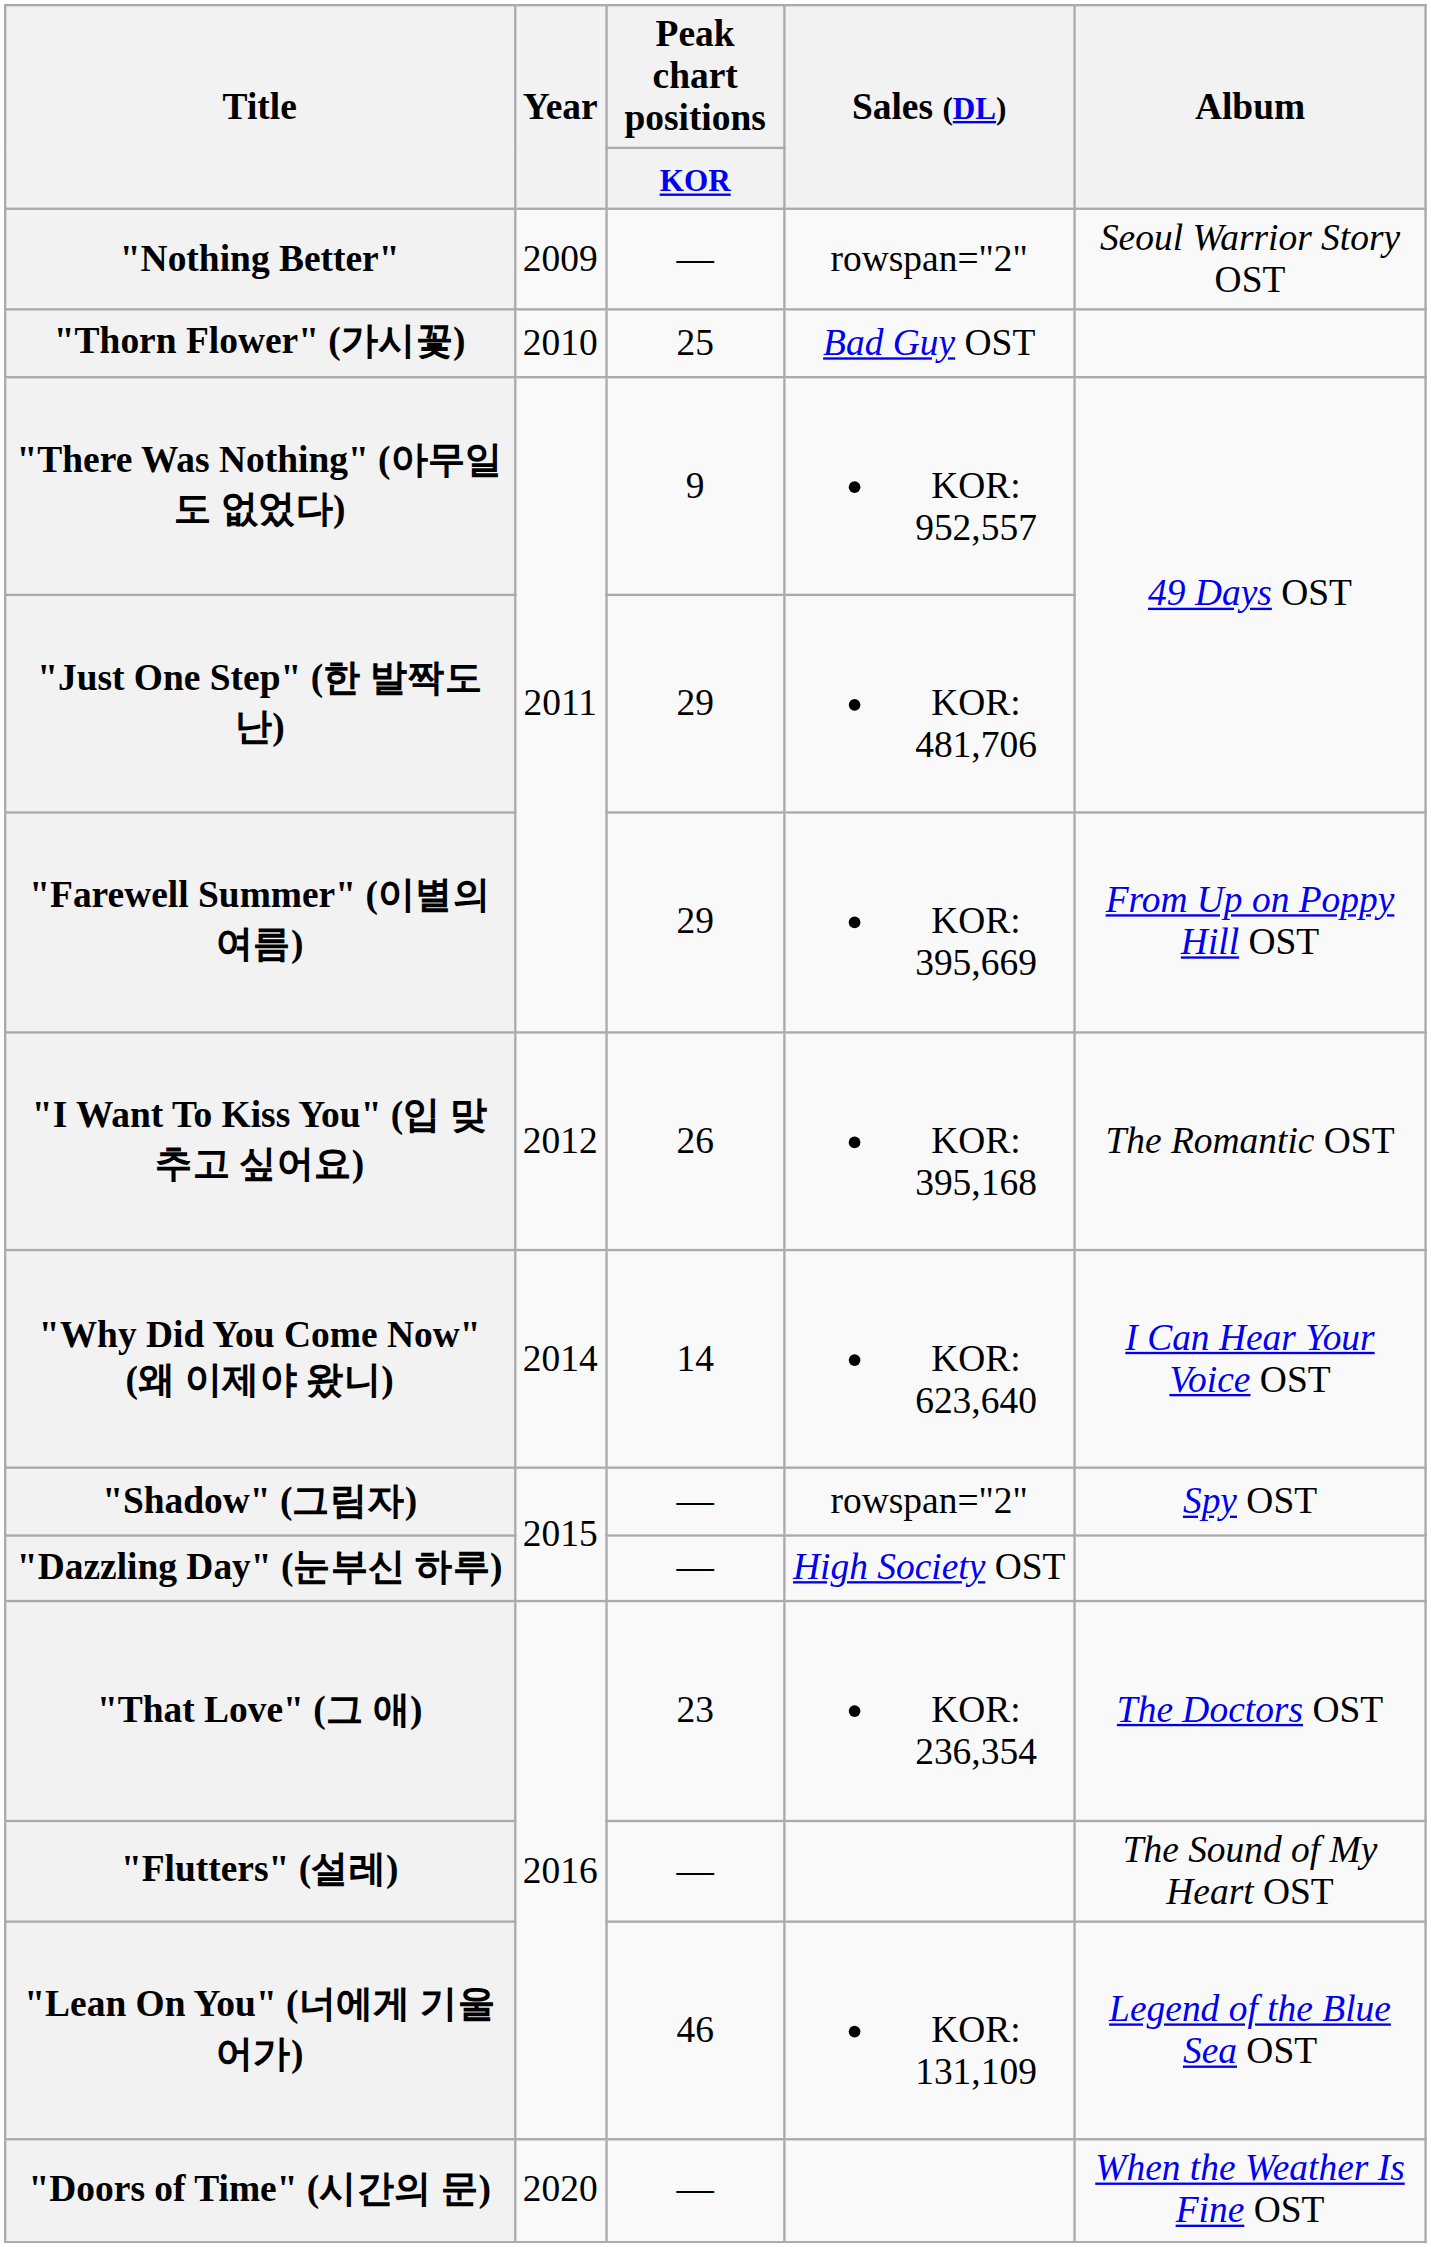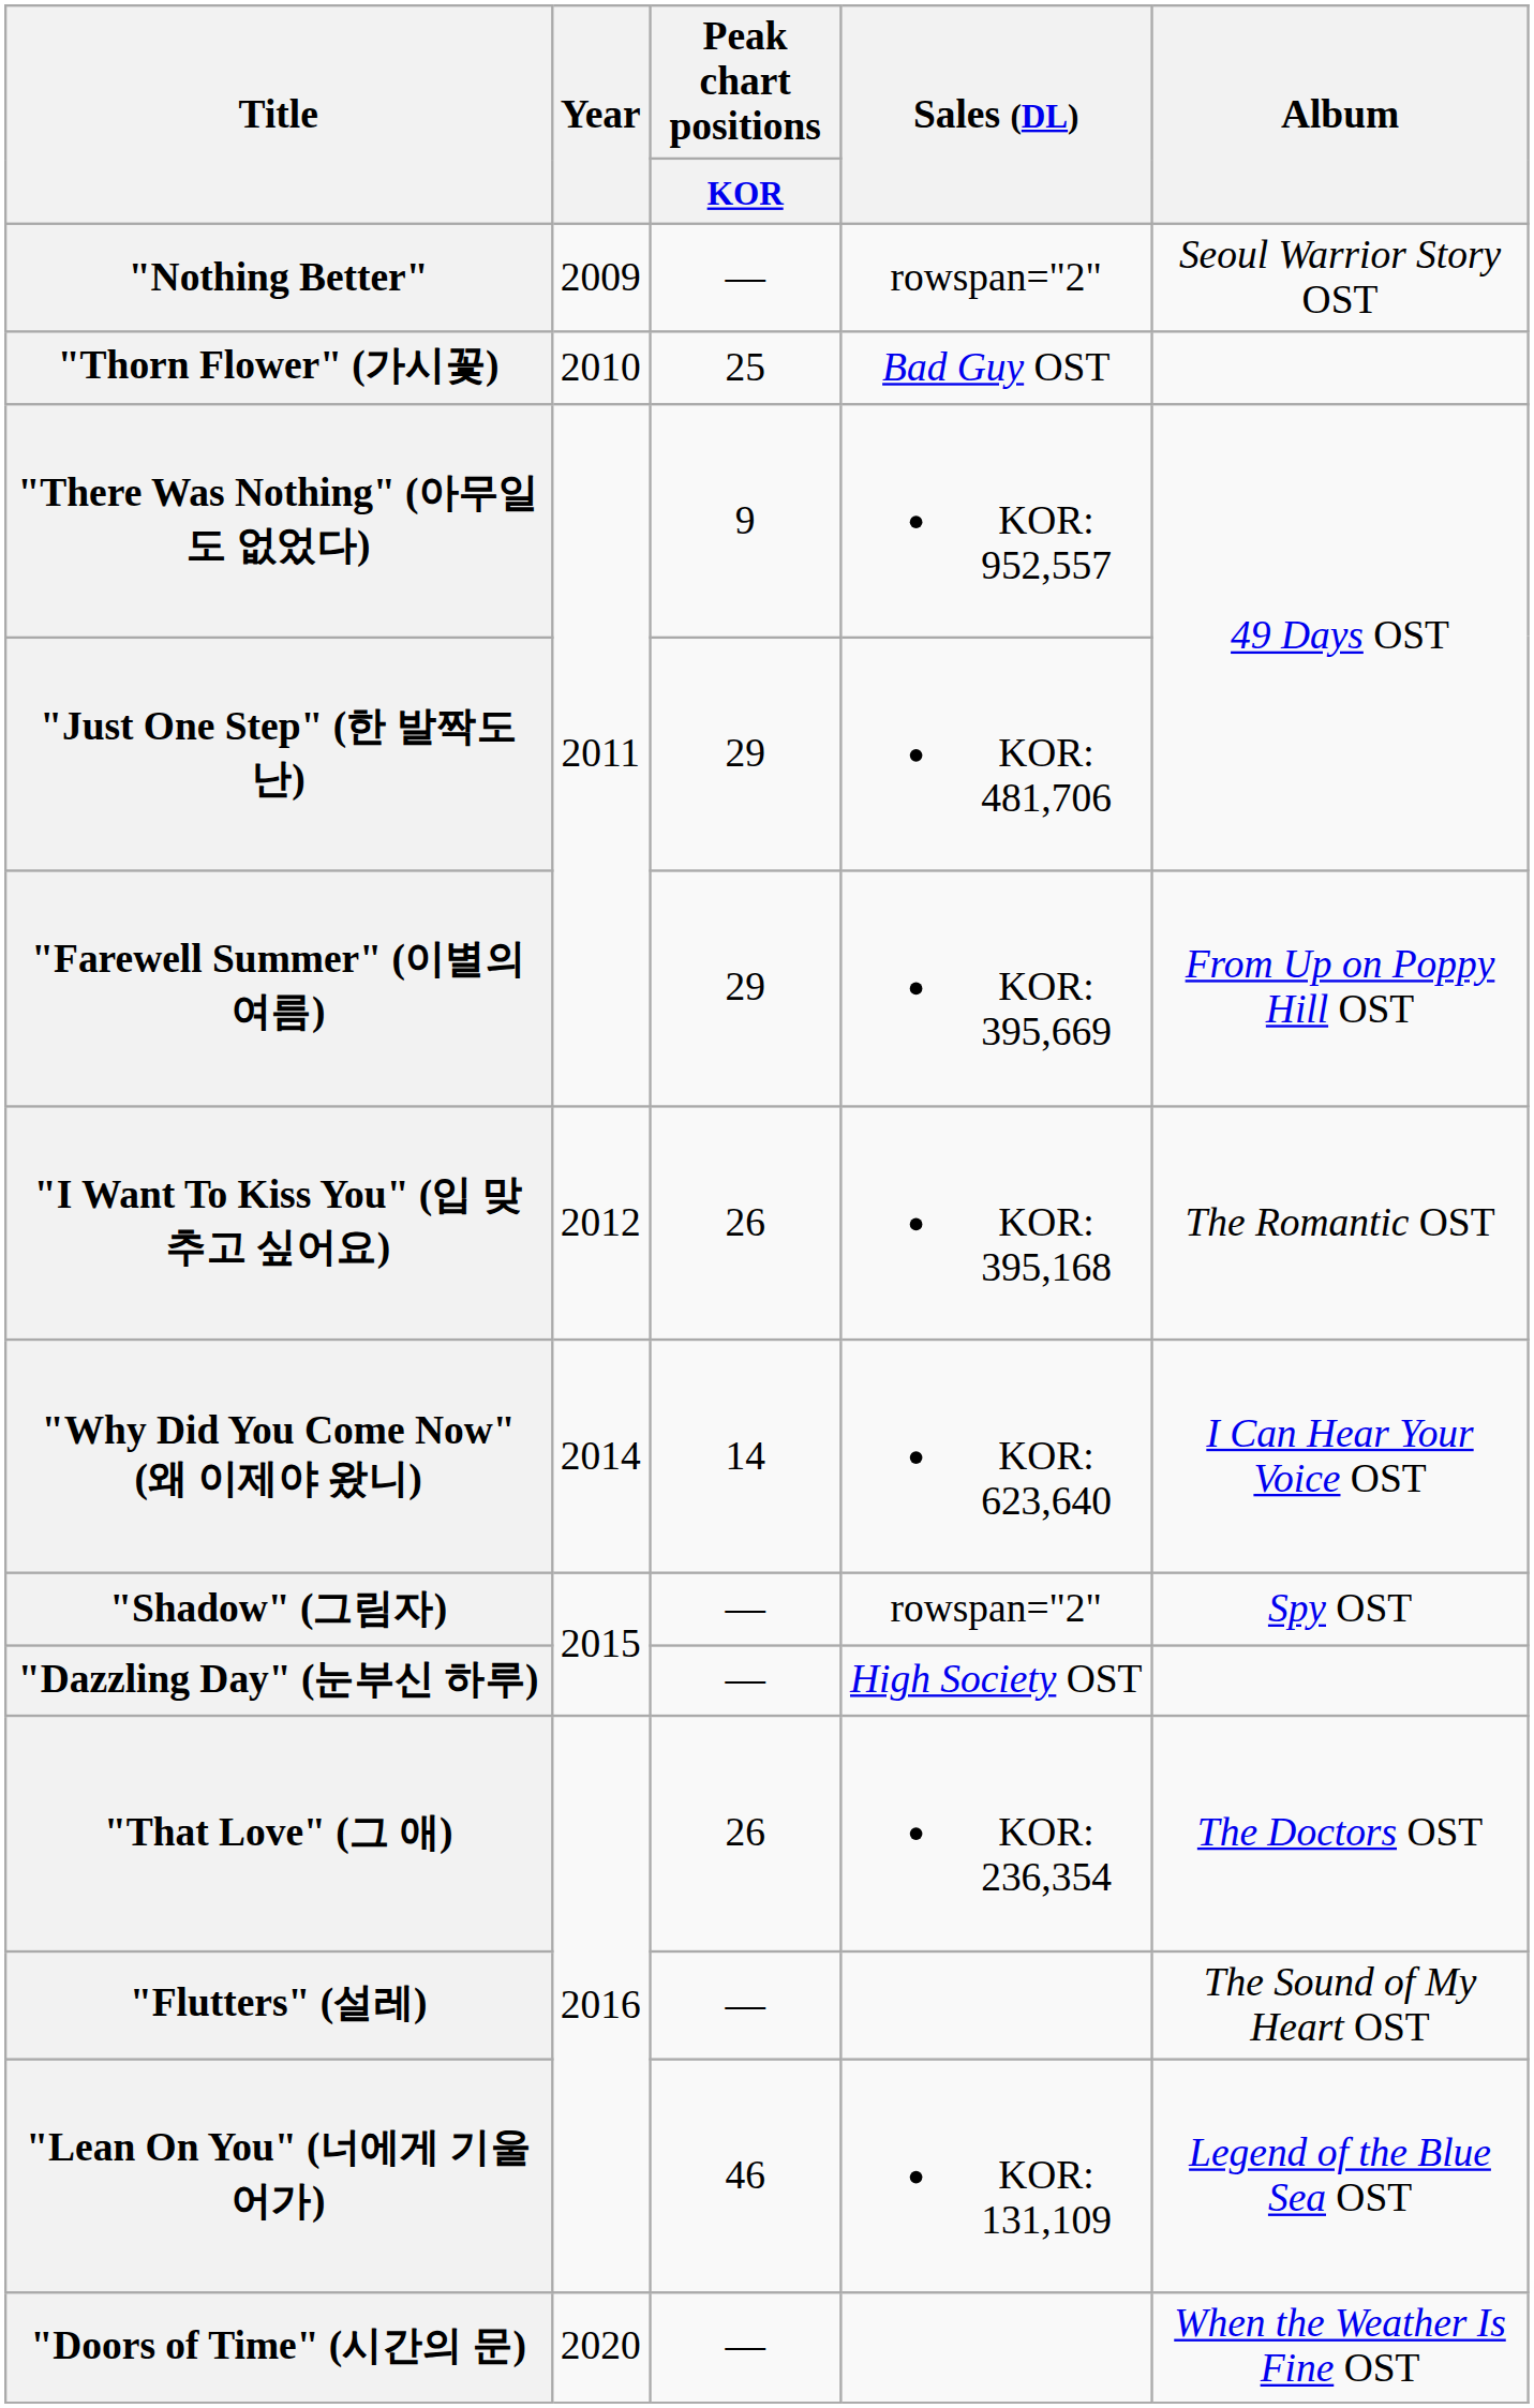 <table class="wikitable plainrowheaders" style="text-align:center;">
 <tr>
 <th scope="col" rowspan="2">Title</th>
 <th scope="col" rowspan="2">Year</th>
 <th scope="col" colspan="1">Peak chart <br> positions</th>
 <th scope="col" rowspan="2">Sales <small>(<a href='#'>DL</a>)</small></th>
 <th scope="col" rowspan="2">Album</th>
 </tr>
 <tr>
 <th><small><a href='#'>KOR</a></small><br></th>
 </tr>
 <tr>
 <th scope="row">"Nothing Better"</th>
 <td>2009</td>
 <td>—</td>
 <td>rowspan="2" </td>
 <td><em>Seoul Warrior Story</em> OST</td>
 </tr>
 <tr>
 <th scope="row">"Thorn Flower" (가시꽃)</th>
 <td>2010</td>
 <td>25</td>
 <td><em><a href='#'>Bad Guy</a></em> OST</td>
 </tr>
 <tr>
 <th scope="row">"There Was Nothing" (아무일도 없었다)</th>
 <td rowspan="3">2011</td>
 <td>9</td>
 <td><br><ul><li>KOR: 952,557</li></ul></td>
 <td rowspan="2"><em><a href='#'>49 Days</a></em> OST</td>
 </tr>
 <tr>
 <th scope="row">"Just One Step" (한 발짝도 난)</th>
 <td>29</td>
 <td><br><ul><li>KOR: 481,706</li></ul></td>
 </tr>
 <tr>
 <th scope="row">"Farewell Summer" (이별의 여름)</th>
 <td>29</td>
 <td><br><ul><li>KOR: 395,669</li></ul></td>
 <td><em><a href='#'>From Up on Poppy Hill</a></em> OST</td>
 </tr>
 <tr>
 <th scope="row">"I Want To Kiss You" (입 맞추고 싶어요)</th>
 <td>2012</td>
 <td>26</td>
 <td><br><ul><li>KOR: 395,168</li></ul></td>
 <td><em>The Romantic</em> OST</td>
 </tr>
 <tr>
 <th scope="row">"Why Did You Come Now" (왜 이제야 왔니)</th>
 <td>2014</td>
 <td>14</td>
 <td><br><ul><li>KOR: 623,640</li></ul></td>
 <td><em><a href='#'>I Can Hear Your Voice</a></em> OST</td>
 </tr>
 <tr>
 <th scope="row">"Shadow" (그림자)</th>
 <td rowspan="2">2015</td>
 <td>—</td>
 <td>rowspan="2" </td>
 <td><em><a href='#'>Spy</a></em> OST</td>
 </tr>
 <tr>
 <th scope="row">"Dazzling Day" (눈부신 하루)</th>
 <td>—</td>
 <td><em><a href='#'>High Society</a></em> OST</td>
 </tr>
 <tr>
 <th scope="row">"That Love" (그 애)</th>
 <td rowspan="3">2016</td>
-<td>23</td>
+<td>26</td>
 <td><br><ul><li>KOR: 236,354</li></ul></td>
 <td><em><a href='#'>The Doctors</a></em> OST</td>
 </tr>
 <tr>
 <th scope="row">"Flutters" (설레)</th>
 <td>—</td>
 <td></td>
 <td><em>The Sound of My Heart</em> OST</td>
 </tr>
 <tr>
 <th scope="row">"Lean On You" (너에게 기울어가)</th>
 <td>46</td>
 <td><br><ul><li>KOR: 131,109</li></ul></td>
 <td><em><a href='#'>Legend of the Blue Sea</a></em> OST</td>
 </tr>
 <tr>
 <th scope="row">"Doors of Time" (시간의 문)</th>
 <td>2020</td>
 <td>—</td>
 <td></td>
 <td><em><a href='#'>When the Weather Is Fine</a></em> OST</td>
 </tr>
 </table>
